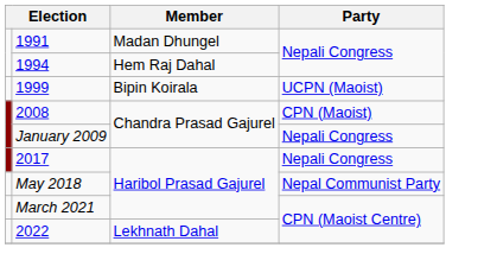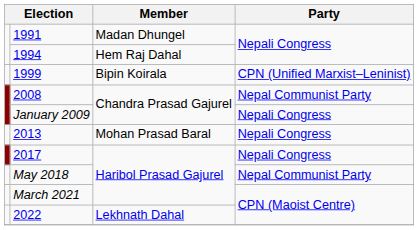 <table class="wikitable">
 <tr>
 <th colspan="2">Election</th>
 <th>Member</th>
 <th>Party</th>
 </tr>
 <tr>
 <td rowspan="2" style="background-color:"></td>
 <td><a href='#'>1991</a></td>
 <td>Madan Dhungel</td>
 <td rowspan="2"><a href='#'>Nepali Congress</a></td>
 </tr>
 <tr>
 <td><a href='#'>1994</a></td>
 <td>Hem Raj Dahal</td>
 </tr>
 <tr>
 <td style="background-color:"></td>
 <td><a href='#'>1999</a></td>
 <td>Bipin Koirala</td>
-<td><a href='#'>UCPN (Maoist)</a></td>
+<td><a href='#'>CPN (Unified Marxist–Leninist)</a></td>
 </tr>
 <tr>
 <td rowspan="2" style="background-color:darkred"></td>
 <td><a href='#'>2008</a></td>
 <td rowspan="2">Chandra Prasad Gajurel</td>
-<td><a href='#'>CPN (Maoist)</a></td>
+<td><a href='#'>Nepal Communist Party</a></td>
 </tr>
 <tr>
 <td><em>January 2009</em></td>
+<td><a href='#'>Nepali Congress</a></td>
+</tr>
+<tr>
+<td style="background-color:"></td>
+<td><a href='#'>2013</a></td>
+<td>Mohan Prasad Baral</td>
 <td><a href='#'>Nepali Congress</a></td>
 </tr>
 <tr>
 <td style="background-color:darkred"></td>
 <td><a href='#'>2017</a></td>
 <td rowspan="3"><a href='#'>Haribol Prasad Gajurel</a></td>
 <td><a href='#'>Nepali Congress</a></td>
 </tr>
 <tr>
 <td style="background-color:"></td>
 <td><em>May 2018</em></td>
 <td><a href='#'>Nepal Communist Party</a></td>
 </tr>
 <tr>
 <td></td>
 <td><em>March 2021</em></td>
 <td rowspan="2"><a href='#'>CPN (Maoist Centre)</a></td>
 </tr>
 <tr>
 <td></td>
 <td><a href='#'>2022</a></td>
 <td><a href='#'>Lekhnath Dahal</a></td>
 </tr>
 <tr>
 </tr>
 </table>
